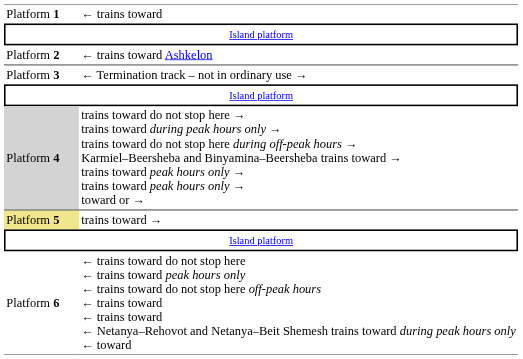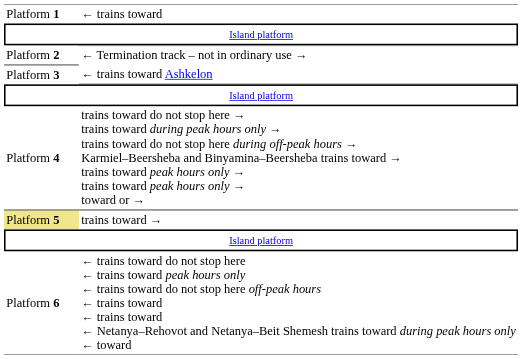 <table border=0 cellspacing=0 cellpadding=3>
 <tr>
 <td style="border-top:solid 1px gray;" width=90>Platform <strong>1</strong></td>
 <td style="border-top:solid 1px gray;">←  trains toward  </td>
 </tr>
 <tr>
 <td style="border-top:solid 2px black;border-right:solid 2px black;border-left:solid 2px black;border-bottom:solid 2px black;text-align:center;" colspan=2><small><a href='#'>Island platform</a></small></td>
 </tr>
 <tr>
 <td style="border-bottom:solid 1px gray;">Platform <strong>2</strong></td>
-<td style="border-bottom:solid 1px gray;">←  trains toward <a href='#'>Ashkelon</a> </td>
+<td style="border-top:solid 1px gray;">← Termination track – not in ordinary use →</td>
 </tr>
 <tr>
 <td style="border-top:solid 1px gray;">Platform <strong>3</strong></td>
-<td style="border-top:solid 1px gray;">← Termination track – not in ordinary use →</td>
+<td style="border-bottom:solid 1px gray;">←  trains toward <a href='#'>Ashkelon</a> </td>
 </tr>
 <tr>
 <td style="border-top:solid 2px black;border-right:solid 2px black;border-left:solid 2px black;border-bottom:solid 2px black;text-align:center;" colspan=2><small><a href='#'>Island platform</a></small></td>
 </tr>
 <tr>
-<td style="background: lightgrey; border-bottom:solid 1px gray;">Platform <strong>4</strong></td>
+<td style="border-bottom:solid 1px gray;">Platform <strong>4</strong></td>
 <td style="border-bottom:solid 1px gray;">  trains toward  do not stop here →<br>  trains toward   <em>during peak hours only</em> →<br>  trains toward  do not stop here <em>during off-peak hours</em> →<br>   Karmiel–Beersheba and Binyamina–Beersheba trains toward   →<br>  trains toward   <em>peak hours only</em> →<br>  trains toward   <em>peak hours only</em> →<br>  toward  or   →</td>
 </tr>
 <tr>
 <td style="background: khaki; border-top:solid 1px gray;">Platform <strong>5</strong></td>
 <td style="border-top:solid 1px gray;">  trains toward   →</td>
 </tr>
 <tr>
 <td style="border-top:solid 2px black;border-right:solid 2px black;border-left:solid 2px black;border-bottom:solid 2px black;text-align:center;" colspan=2><small><a href='#'>Island platform</a></small></td>
 </tr>
 <tr>
 <td style="border-bottom:solid 1px gray;">Platform <strong>6</strong></td>
 <td style="border-bottom:solid 1px gray;">←  trains toward  do not stop here<br>←  trains toward   <em>peak hours only</em><br>←  trains toward  do not stop here <em>off-peak hours</em><br>←  trains toward  <br>←  trains toward  <br>←   Netanya–Rehovot and Netanya–Beit Shemesh trains toward   <em>during peak hours only</em><br>←  toward  </td>
 </tr>
 </table>
